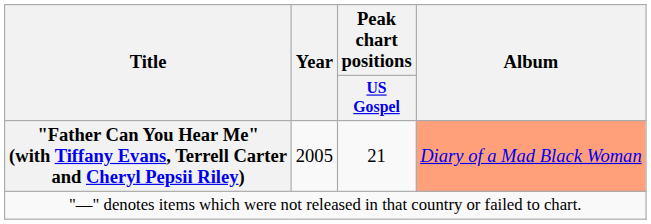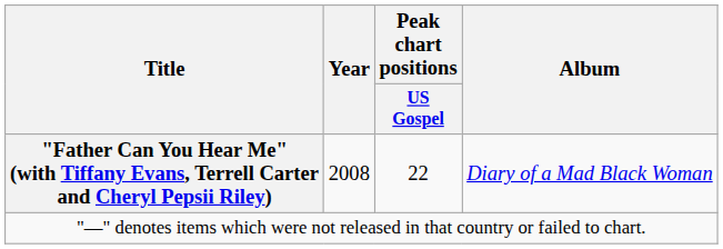 <table class="wikitable plainrowheaders" style="text-align:center;" border="1">
 <tr>
 <th scope="col" rowspan="2" style="width:15em;">Title</th>
 <th scope="col" rowspan="2">Year</th>
 <th scope="col" colspan="1">Peak chart positions</th>
 <th scope="col" rowspan="2">Album</th>
 </tr>
 <tr>
 <th scope="col" style="width:3em;font-size:85%;"><a href='#'>US<br>Gospel</a><br></th>
 </tr>
 <tr>
 <th scope="row">"Father Can You Hear Me" <br><span>(with <a href='#'>Tiffany Evans</a>, Terrell Carter and <a href='#'>Cheryl Pepsii Riley</a>)</span></th>
-<td rowspan="1">2005</td>
-<td>21</td>
-<td rowspan="1" style="background: lightsalmon;"><em><a href='#'>Diary of a Mad Black Woman</a></em></td>
+<td rowspan="1">2008</td>
+<td>22</td>
+<td rowspan="1"><em><a href='#'>Diary of a Mad Black Woman</a></em></td>
 </tr>
 <tr>
 <td colspan="10" align="center" style="font-size:90%;">"—" denotes items which were not released in that country or failed to chart.</td>
 </tr>
 </table>
